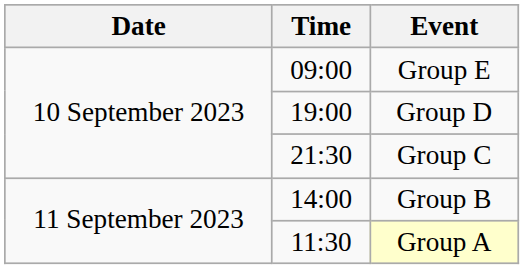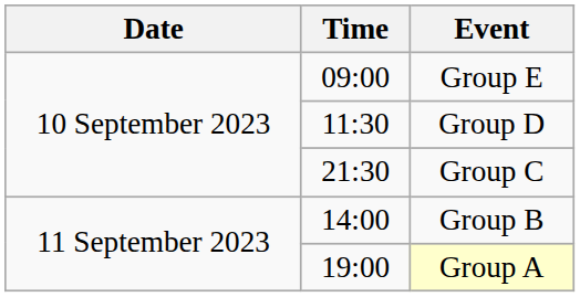 <table class = "wikitable" style="text-align:center;">
 <tr>
 <th width=150>Date</th>
 <th width=50>Time</th>
 <th width=80>Event</th>
 </tr>
 <tr>
 <td rowspan=3>10 September 2023</td>
 <td>09:00</td>
 <td>Group E</td>
 </tr>
 <tr>
-<td>19:00</td>
+<td>11:30</td>
 <td>Group D</td>
 </tr>
 <tr>
 <td>21:30</td>
 <td>Group C</td>
 </tr>
 <tr>
 <td rowspan=2>11 September 2023</td>
 <td>14:00</td>
 <td>Group B</td>
 </tr>
 <tr>
-<td>11:30</td>
+<td>19:00</td>
 <td bgcolor=ffffcc>Group A</td>
 </tr>
 </table>
